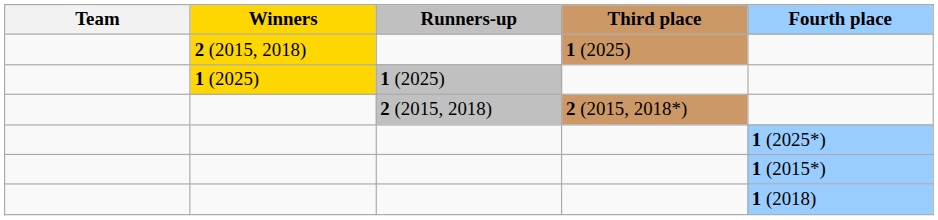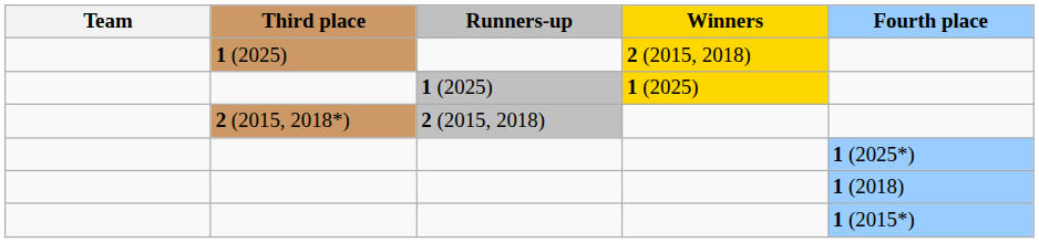 <table class="wikitable">
 <tr>
 <th style="width:150px;">Team</th>
+<th style="width:150px; background-color:#c96;">Third place</th>
+<th style="width:150px; background-color:silver;">Runners-up</th>
 <th style="width:150px; background-color:gold;">Winners</th>
-<th style="width:150px; background-color:silver;">Runners-up</th>
-<th style="width:150px; background-color:#c96;">Third place</th>
 <th style="width:150px; background-color:#9acdff;">Fourth place</th>
 </tr>
 <tr>
 <td></td>
-<td style="background:gold"><strong>2</strong> (2015, 2018)</td>
-<td></td>
 <td style="background:#c96;"><strong>1</strong> (2025)</td>
 <td></td>
-</tr>
-<tr>
-<td></td>
-<td style="background:gold"><strong>1</strong> (2025)</td>
-<td style="background:silver"><strong>1</strong> (2025)</td>
-<td></td>
+<td style="background:gold"><strong>2</strong> (2015, 2018)</td>
 <td></td>
 </tr>
 <tr>
 <td></td>
 <td></td>
+<td style="background:silver"><strong>1</strong> (2025)</td>
+<td style="background:gold"><strong>1</strong> (2025)</td>
+<td></td>
+</tr>
+<tr>
+<td></td>
+<td style="background:#c96;"><strong>2</strong> (2015, 2018*)</td>
 <td style="background:silver"><strong>2</strong> (2015, 2018)</td>
-<td style="background:#c96;"><strong>2</strong> (2015, 2018*)</td>
+<td></td>
 <td></td>
 </tr>
 <tr>
 <td></td>
 <td></td>
 <td></td>
 <td></td>
 <td style="background:#9acdff;"><strong>1</strong> (2025*)</td>
 </tr>
 <tr>
 <td></td>
 <td></td>
 <td></td>
 <td></td>
-<td style="background:#9acdff;"><strong>1</strong> (2015*)</td>
+<td style="background:#9acdff;"><strong>1</strong> (2018)</td>
 </tr>
 <tr>
 <td></td>
 <td></td>
 <td></td>
 <td></td>
-<td style="background:#9acdff;"><strong>1</strong> (2018)</td>
+<td style="background:#9acdff;"><strong>1</strong> (2015*)</td>
 </tr>
 </table>
